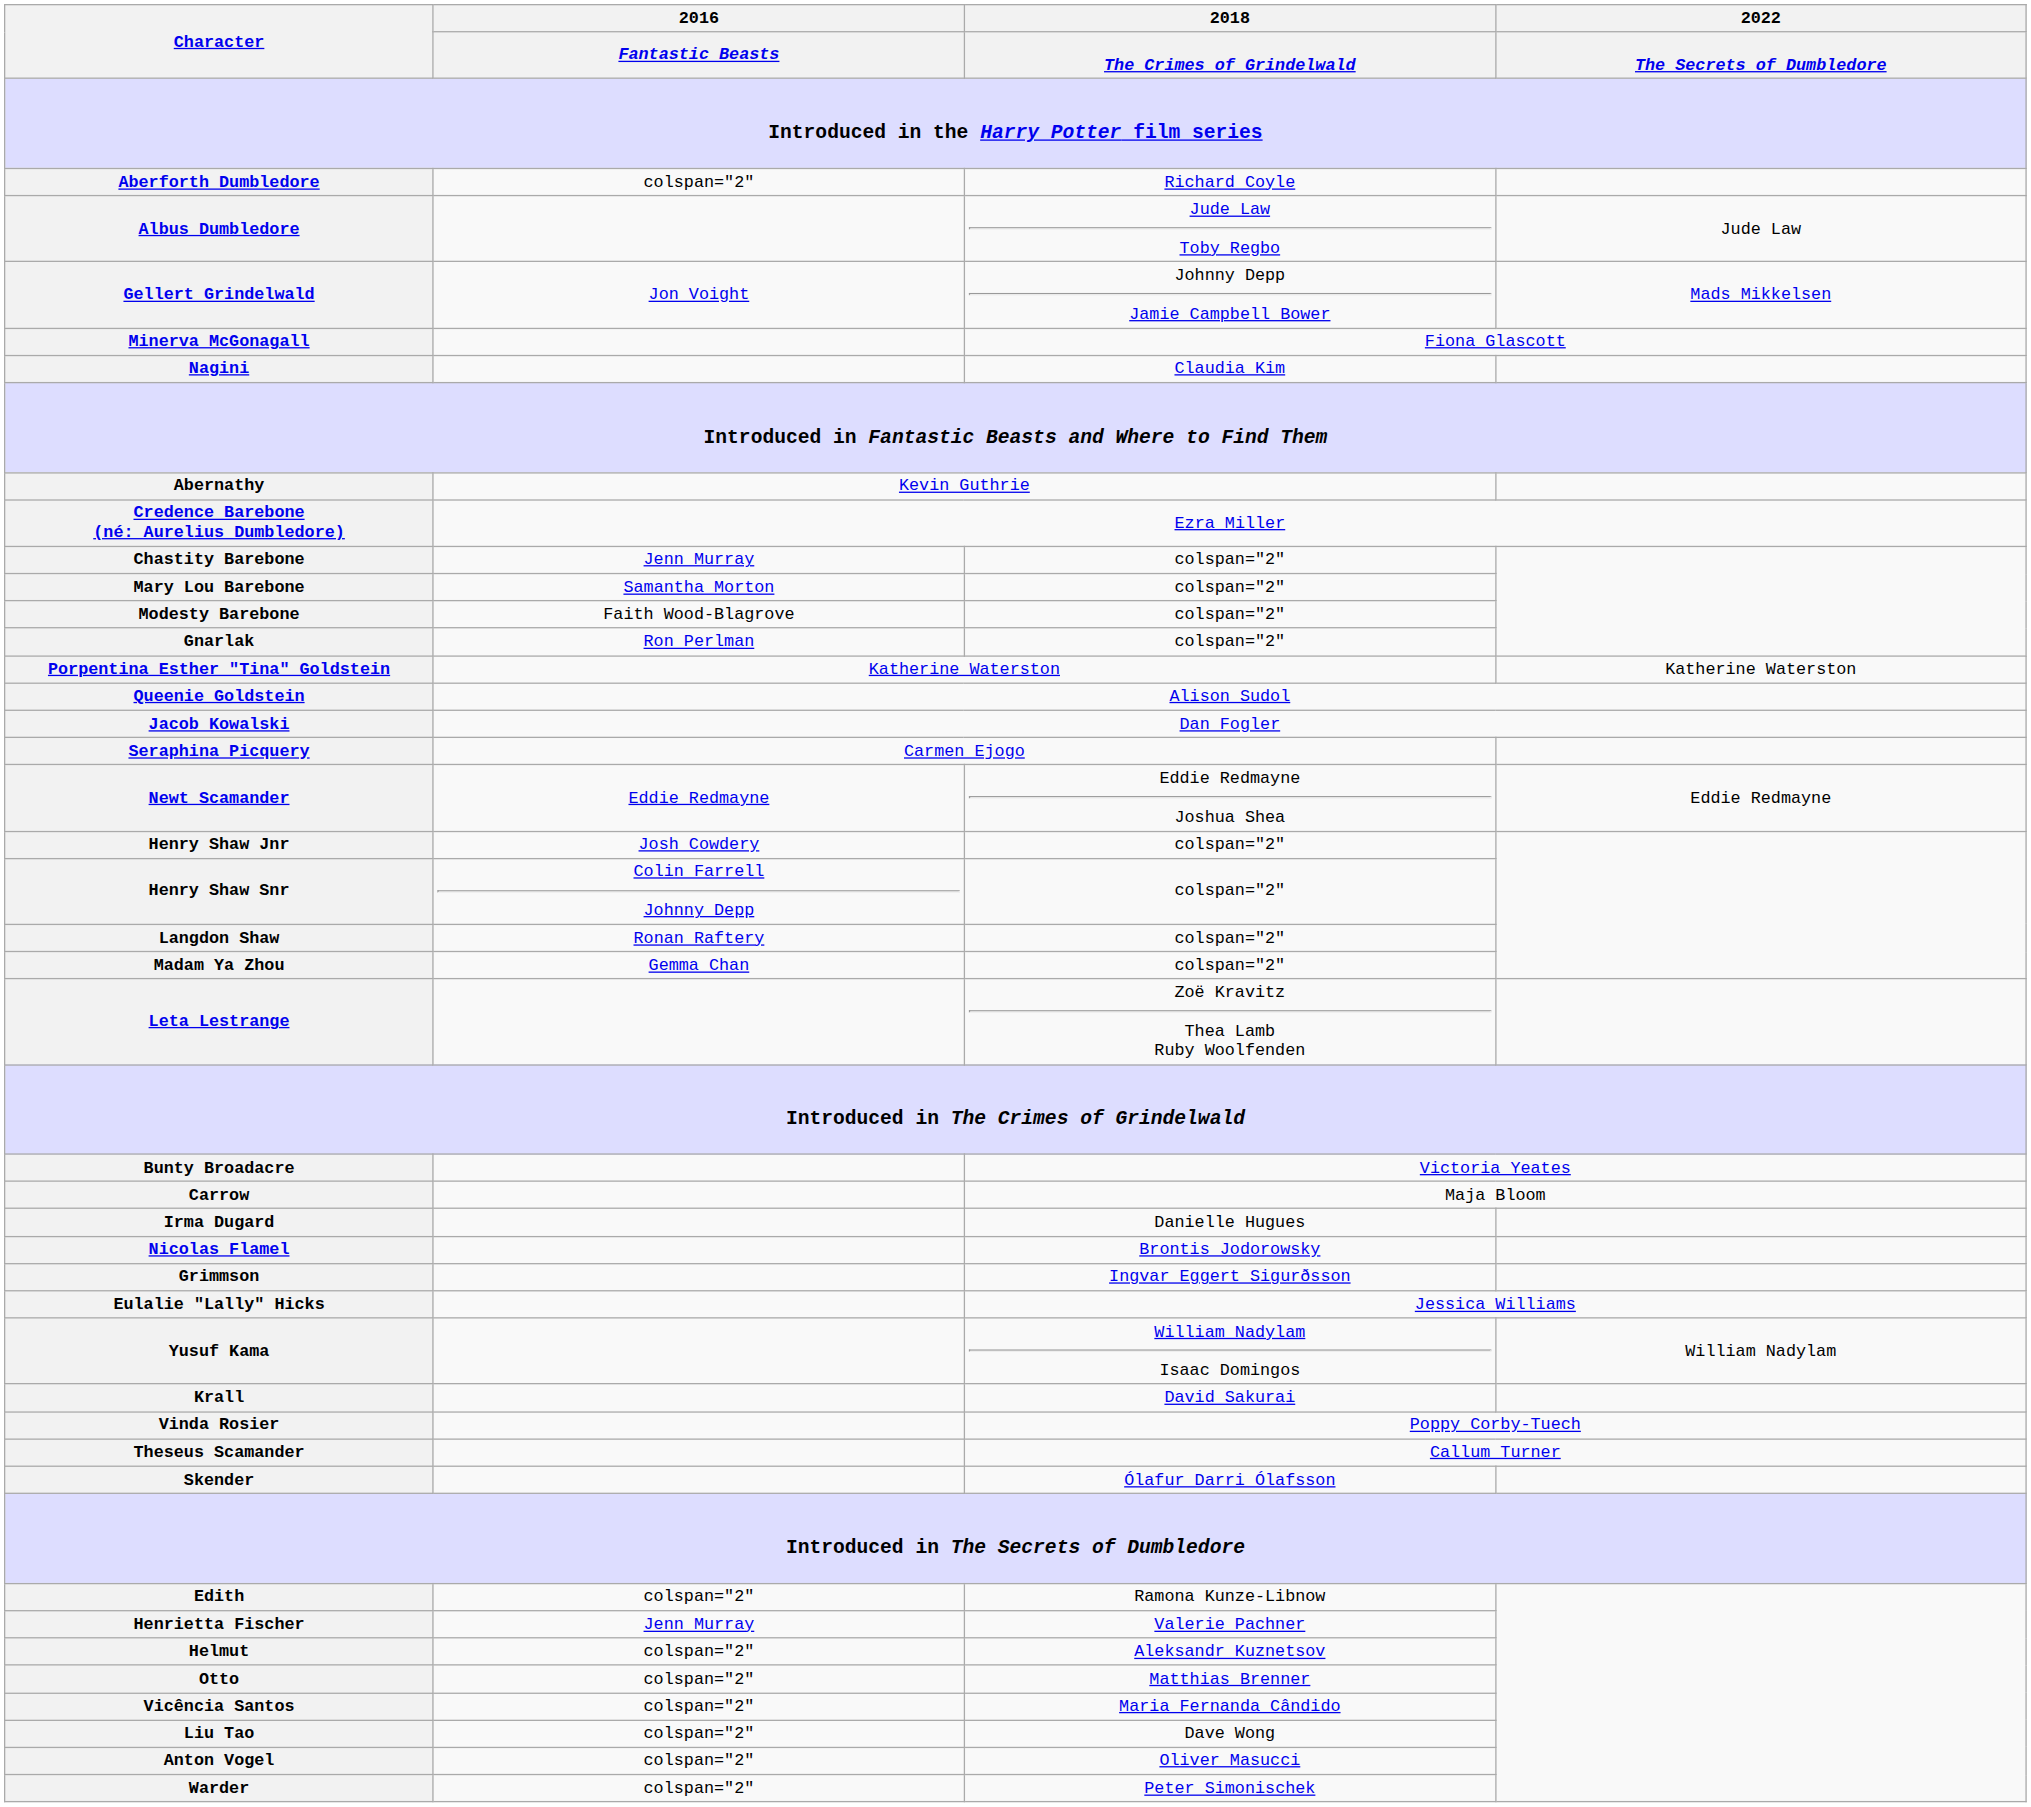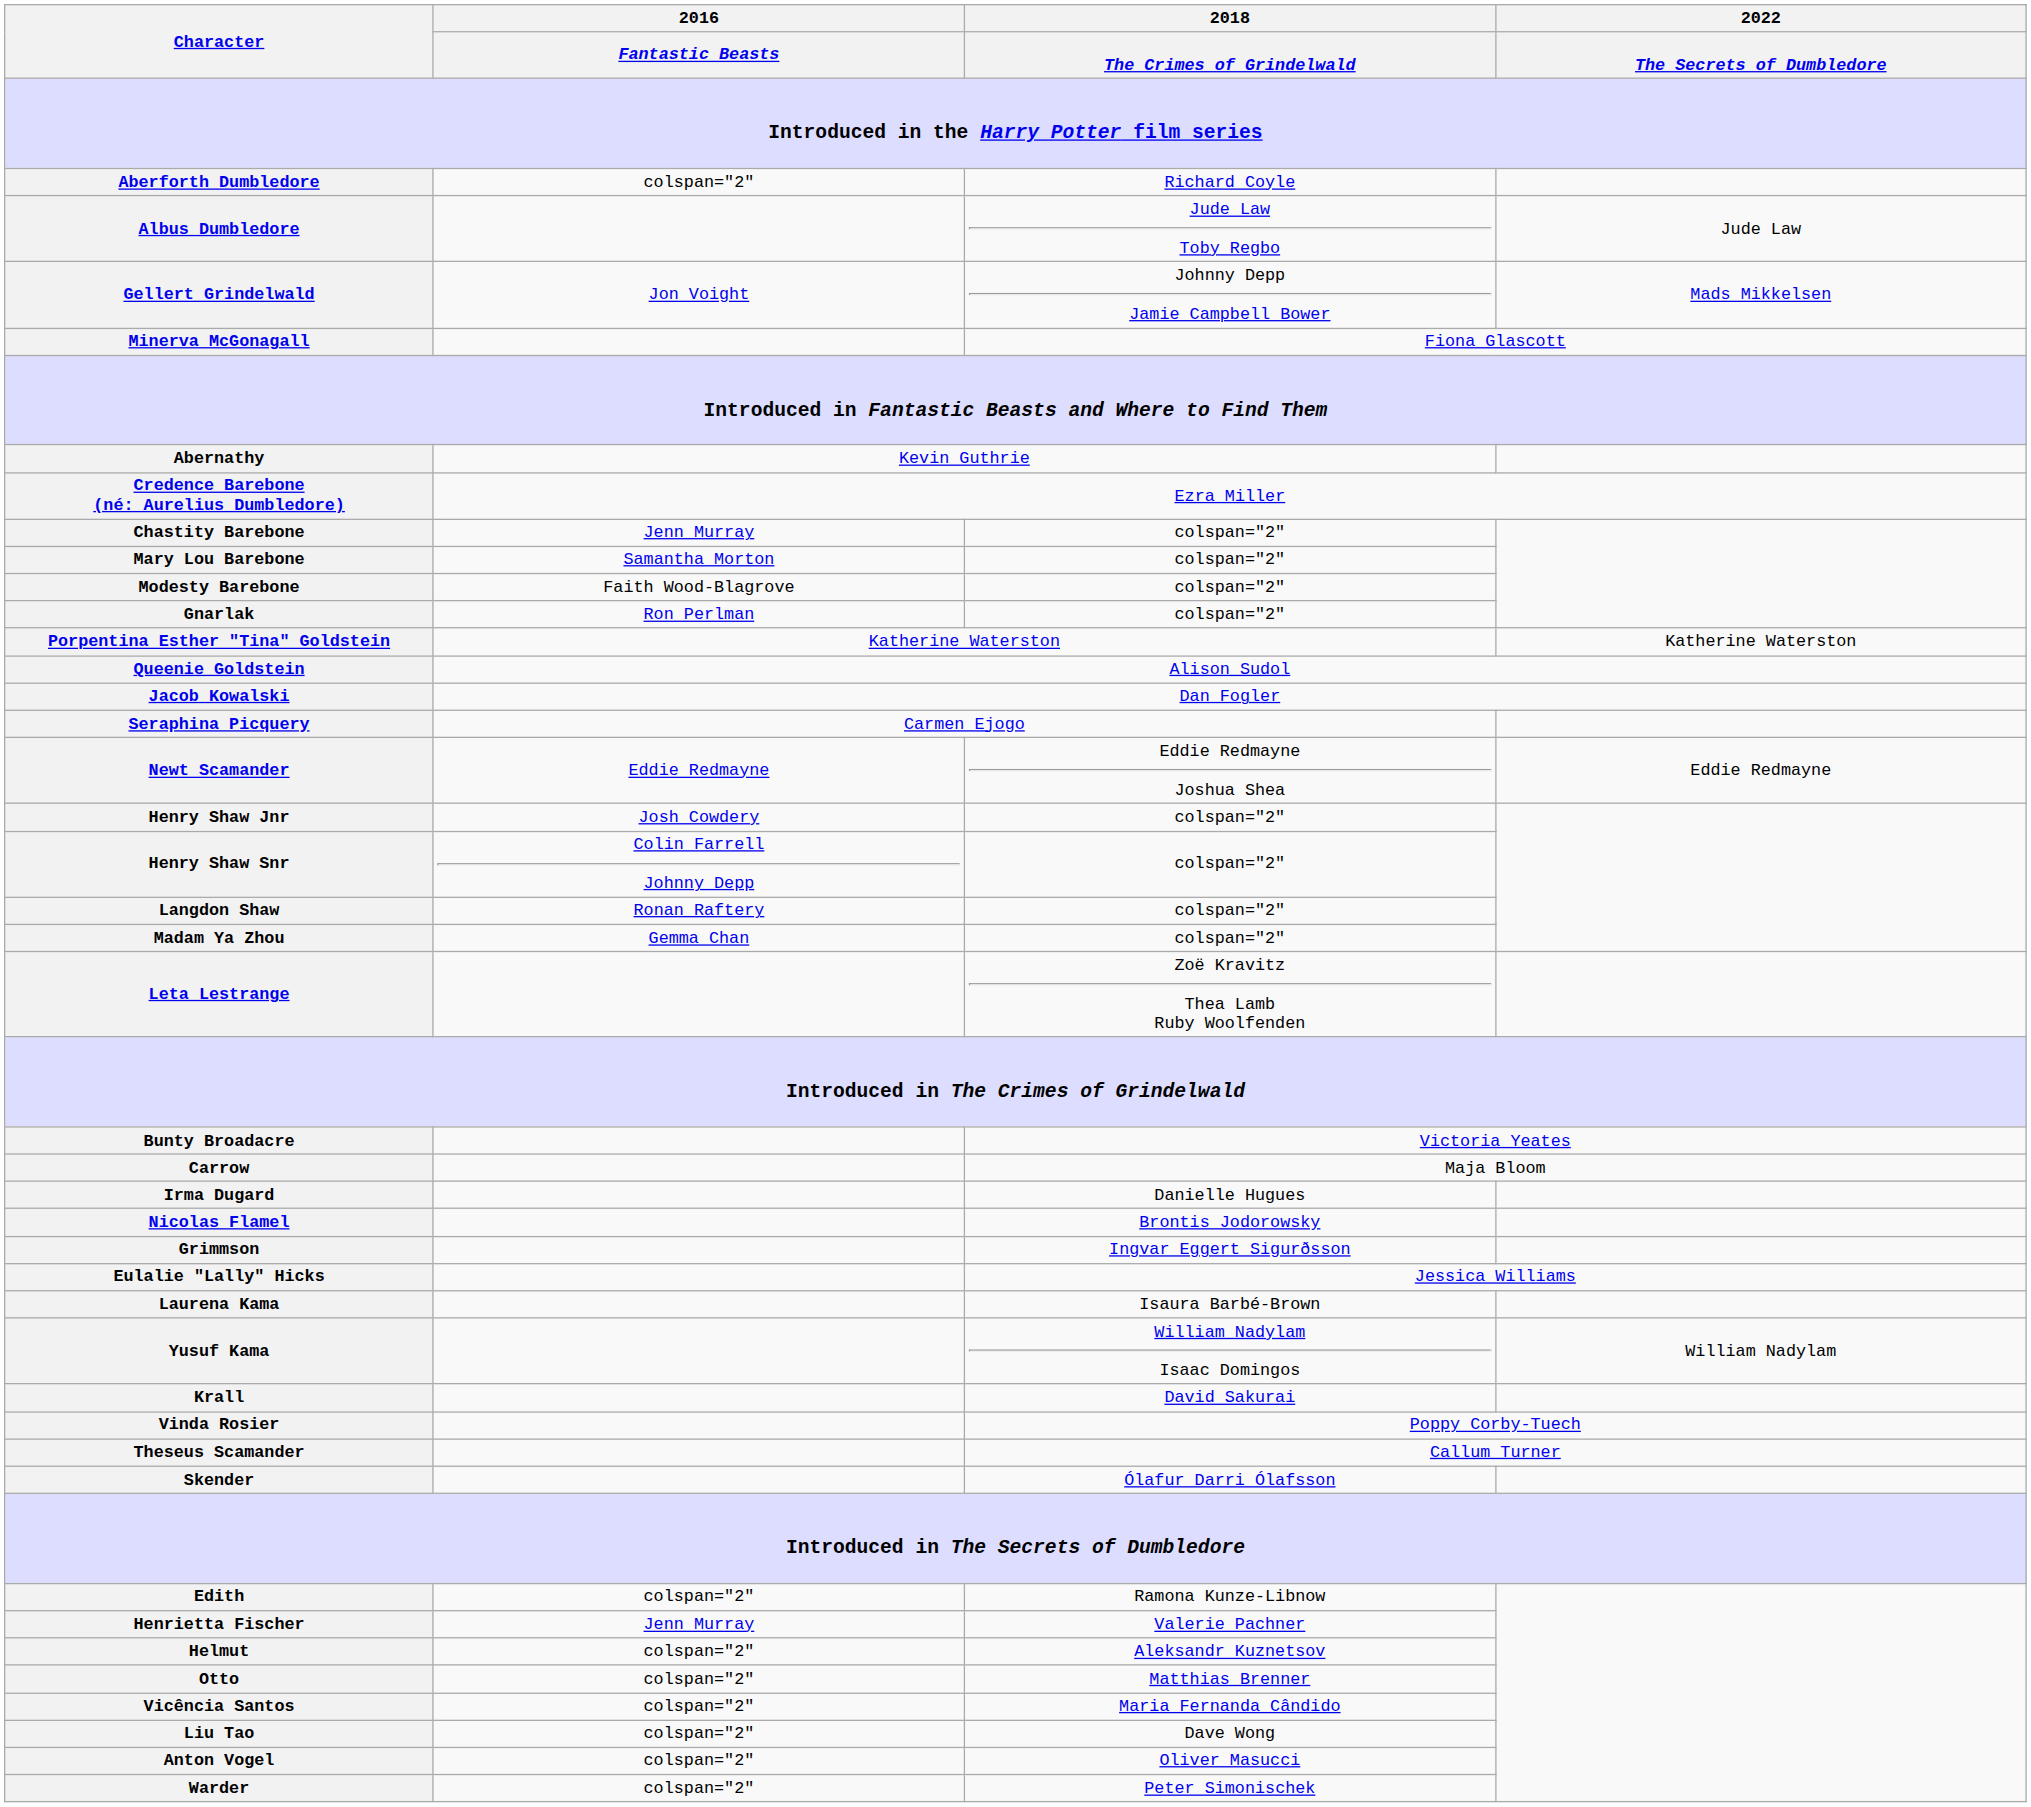 <table class="wikitable" style="text-align:center; width:99%;">
 <tr>
 <th rowspan="2" style="width:21%;"><a href='#'>Character</a></th>
 <th>2016</th>
 <th>2018</th>
 <th>2022</th>
 </tr>
 <tr>
 <th style="width:26%;"><em><a href='#'>Fantastic Beasts<br></a></em></th>
 <th style="width:26%;"><em><a href='#'><br>The Crimes of Grindelwald</a></em></th>
 <th style="width:26%;"><em><a href='#'><br>The Secrets of Dumbledore</a></em></th>
 </tr>
 <tr>
 <th colspan="4" style="background-color:#ddf;"><br><h3>Introduced in the <a href='#'><em>Harry Potter</em> film series</a></h3></th>
 </tr>
 <tr>
 <th scope="row"><a href='#'>Aberforth Dumbledore</a></th>
 <td>colspan="2" </td>
 <td><a href='#'>Richard Coyle</a></td>
 </tr>
 <tr>
 <th scope="row"><a href='#'>Albus Dumbledore</a></th>
 <td></td>
 <td><a href='#'>Jude Law</a><hr><a href='#'>Toby Regbo</a></td>
 <td>Jude Law</td>
 </tr>
 <tr>
 <th scope="row"><a href='#'>Gellert Grindelwald</a></th>
 <td><a href='#'>Jon Voight</a></td>
 <td>Johnny Depp<hr><a href='#'>Jamie Campbell Bower</a></td>
 <td><a href='#'>Mads Mikkelsen</a></td>
 </tr>
 <tr>
 <th scope="row"><a href='#'>Minerva McGonagall</a></th>
 <td></td>
 <td colspan="2"><a href='#'>Fiona Glascott</a></td>
-</tr>
-<tr>
-<th scope="row"><a href='#'>Nagini</a></th>
-<td></td>
-<td><a href='#'>Claudia Kim</a></td>
-<td></td>
 </tr>
 <tr>
 <th colspan="4" style="background-color:#ddf;"><br><h3>Introduced in <em>Fantastic Beasts and Where to Find Them</em></h3></th>
 </tr>
 <tr>
 <th scope="row">Abernathy</th>
 <td colspan="2"><a href='#'>Kevin Guthrie</a></td>
 <td></td>
 </tr>
 <tr>
 <th scope="row"><a href='#'>Credence Barebone<br>(né: Aurelius Dumbledore)</a></th>
 <td colspan="3"><a href='#'>Ezra Miller</a></td>
 </tr>
 <tr>
 <th scope="row">Chastity Barebone</th>
 <td><a href='#'>Jenn Murray</a></td>
 <td>colspan="2" </td>
 </tr>
 <tr>
 <th scope="row">Mary Lou Barebone</th>
 <td><a href='#'>Samantha Morton</a></td>
 <td>colspan="2" </td>
 </tr>
 <tr>
 <th scope="row">Modesty Barebone</th>
 <td>Faith Wood-Blagrove</td>
 <td>colspan="2" </td>
 </tr>
 <tr>
 <th scope="row">Gnarlak</th>
 <td><a href='#'>Ron Perlman</a></td>
 <td>colspan="2" </td>
 </tr>
 <tr>
 <th scope="row"><a href='#'>Porpentina Esther "Tina" Goldstein</a></th>
 <td colspan="2"><a href='#'>Katherine Waterston</a></td>
 <td>Katherine Waterston</td>
 </tr>
 <tr>
 <th scope="row"><a href='#'>Queenie Goldstein</a></th>
 <td colspan="3"><a href='#'>Alison Sudol</a></td>
 </tr>
 <tr>
 <th scope="row"><a href='#'>Jacob Kowalski</a></th>
 <td colspan="3"><a href='#'>Dan Fogler</a></td>
 </tr>
 <tr>
 <th scope="row"><a href='#'>Seraphina Picquery</a></th>
 <td colspan="2"><a href='#'>Carmen Ejogo</a></td>
 <td></td>
 </tr>
 <tr>
 <th scope="row"><a href='#'>Newt Scamander</a></th>
 <td><a href='#'>Eddie Redmayne</a></td>
 <td>Eddie Redmayne<hr>Joshua Shea</td>
 <td>Eddie Redmayne</td>
 </tr>
 <tr>
 <th scope="row">Henry Shaw Jnr</th>
 <td><a href='#'>Josh Cowdery</a></td>
 <td>colspan="2" </td>
 </tr>
 <tr>
 <th scope="row">Henry Shaw Snr</th>
 <td><a href='#'>Colin Farrell</a><hr><a href='#'>Johnny Depp</a></td>
 <td>colspan="2" </td>
 </tr>
 <tr>
 <th scope="row">Langdon Shaw</th>
 <td><a href='#'>Ronan Raftery</a></td>
 <td>colspan="2" </td>
 </tr>
 <tr>
 <th scope="row">Madam Ya Zhou</th>
 <td><a href='#'>Gemma Chan</a></td>
 <td>colspan="2" </td>
 </tr>
 <tr>
 <th scope="row"><a href='#'>Leta Lestrange</a></th>
 <td></td>
 <td>Zoë Kravitz<hr>Thea Lamb<br>Ruby Woolfenden</td>
 <td></td>
 </tr>
 <tr>
 <th colspan="4" style="background-color:#ddf;"><br><h3>Introduced in <em>The Crimes of Grindelwald</em></h3></th>
 </tr>
 <tr>
 <th scope="row">Bunty Broadacre</th>
 <td></td>
 <td colspan="2"><a href='#'>Victoria Yeates</a></td>
 </tr>
 <tr>
 <th scope="row">Carrow</th>
 <td></td>
 <td colspan="2">Maja Bloom</td>
 </tr>
 <tr>
 <th scope="row">Irma Dugard</th>
 <td></td>
 <td>Danielle Hugues</td>
 <td></td>
 </tr>
 <tr>
 <th scope="row"><a href='#'>Nicolas Flamel</a></th>
 <td></td>
 <td><a href='#'>Brontis Jodorowsky</a></td>
 <td></td>
 </tr>
 <tr>
 <th scope="row">Grimmson</th>
 <td></td>
 <td><a href='#'>Ingvar Eggert Sigurðsson</a></td>
 <td></td>
 </tr>
 <tr>
 <th scope="row">Eulalie "Lally" Hicks</th>
 <td></td>
 <td colspan="2"><a href='#'>Jessica Williams</a></td>
 </tr>
 <tr>
+<th scope="row">Laurena Kama</th>
+<td></td>
+<td>Isaura Barbé-Brown</td>
+<td></td>
+</tr>
+<tr>
 <th scope="row">Yusuf Kama</th>
 <td></td>
 <td><a href='#'>William Nadylam</a><hr>Isaac Domingos</td>
 <td>William Nadylam</td>
 </tr>
 <tr>
 <th scope="row">Krall</th>
 <td></td>
 <td><a href='#'>David Sakurai</a></td>
 <td></td>
 </tr>
 <tr>
 <th scope="row">Vinda Rosier</th>
 <td></td>
 <td colspan="2"><a href='#'>Poppy Corby-Tuech</a></td>
 </tr>
 <tr>
 <th scope="row">Theseus Scamander</th>
 <td></td>
 <td colspan="2"><a href='#'>Callum Turner</a></td>
 </tr>
 <tr>
 <th scope="row">Skender</th>
 <td></td>
 <td><a href='#'>Ólafur Darri Ólafsson</a></td>
 <td></td>
 </tr>
 <tr>
 <th colspan="4" style="background-color:#ddf;"><br><h3>Introduced in <em>The Secrets of Dumbledore</em></h3></th>
 </tr>
 <tr>
 <th scope="row">Edith</th>
 <td>colspan="2" </td>
 <td>Ramona Kunze-Libnow</td>
 </tr>
 <tr>
 <th scope="row">Henrietta Fischer</th>
 <td><a href='#'>Jenn Murray</a></td>
 <td><a href='#'>Valerie Pachner</a></td>
 </tr>
 <tr>
 <th scope="row">Helmut</th>
 <td>colspan="2" </td>
 <td><a href='#'>Aleksandr Kuznetsov</a></td>
 </tr>
 <tr>
 <th scope="row">Otto</th>
 <td>colspan="2" </td>
 <td><a href='#'>Matthias Brenner</a></td>
 </tr>
 <tr>
 <th scope="row">Vicência Santos</th>
 <td>colspan="2" </td>
 <td><a href='#'>Maria Fernanda Cândido</a></td>
 </tr>
 <tr>
 <th scope="row">Liu Tao</th>
 <td>colspan="2" </td>
 <td>Dave Wong</td>
 </tr>
 <tr>
 <th scope="row">Anton Vogel</th>
 <td>colspan="2" </td>
 <td><a href='#'>Oliver Masucci</a></td>
 </tr>
 <tr>
 <th scope="row">Warder</th>
 <td>colspan="2" </td>
 <td><a href='#'>Peter Simonischek</a></td>
 </tr>
 </table>
